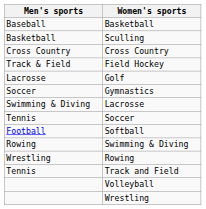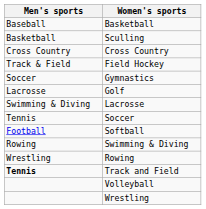 <table class="wikitable"; style= "text-align: ">
 <tr>
 <th width=150px>Men's sports</th>
 <th width=150px>Women's sports</th>
 </tr>
 <tr>
 <td>Baseball</td>
 <td>Basketball</td>
 </tr>
 <tr>
 <td>Basketball</td>
 <td>Sculling</td>
 </tr>
 <tr>
 <td>Cross Country</td>
 <td>Cross Country</td>
 </tr>
 <tr>
 <td>Track & Field</td>
 <td>Field Hockey</td>
 </tr>
 <tr>
+<td>Soccer</td>
+<td>Gymnastics</td>
+</tr>
+<tr>
 <td>Lacrosse</td>
 <td>Golf</td>
-</tr>
-<tr>
-<td>Soccer</td>
-<td>Gymnastics</td>
 </tr>
 <tr>
 <td>Swimming & Diving</td>
 <td>Lacrosse</td>
 </tr>
 <tr>
 <td>Tennis</td>
 <td>Soccer</td>
 </tr>
 <tr>
 <td><a href='#'>Football</a></td>
 <td>Softball</td>
 </tr>
 <tr>
 <td>Rowing</td>
 <td>Swimming & Diving</td>
 </tr>
 <tr>
 <td>Wrestling</td>
 <td>Rowing</td>
 </tr>
 <tr>
-<td>Tennis</td>
+<td><strong>Tennis</strong></td>
 <td>Track and Field</td>
 </tr>
 <tr>
 <td></td>
 <td>Volleyball</td>
 </tr>
 <tr>
 <td></td>
 <td>Wrestling</td>
 </tr>
 </table>
